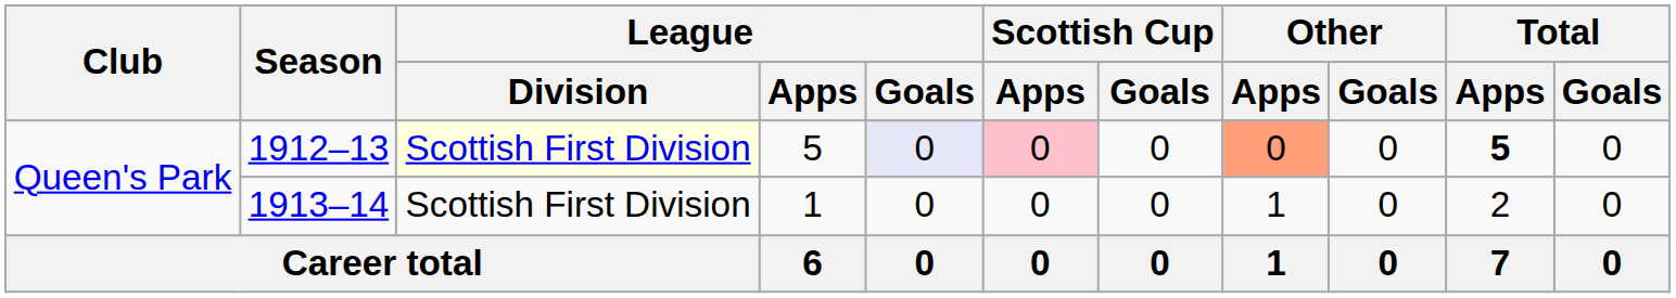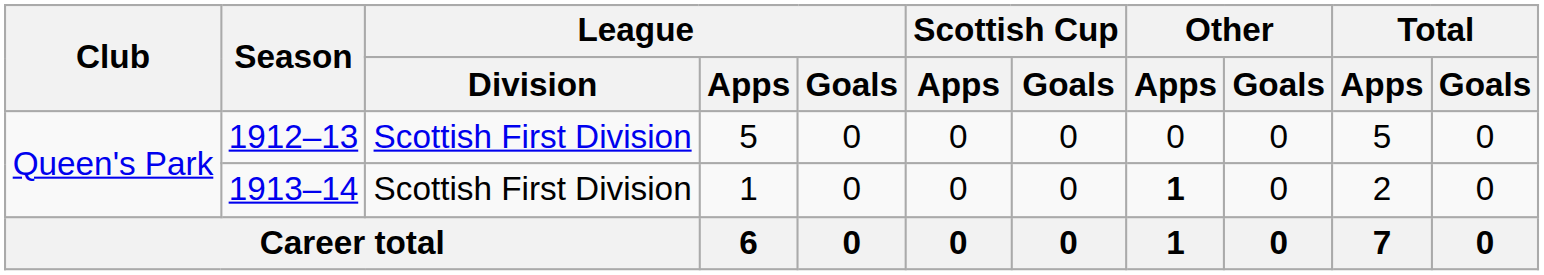 <table class="wikitable" style="text-align: center;">
 <tr>
 <th rowspan="2">Club</th>
 <th rowspan="2">Season</th>
 <th colspan="3">League</th>
 <th colspan="2">Scottish Cup</th>
 <th colspan="2">Other</th>
 <th colspan="2">Total</th>
 </tr>
 <tr>
 <th>Division</th>
 <th>Apps</th>
 <th>Goals</th>
 <th>Apps</th>
 <th>Goals</th>
 <th>Apps</th>
 <th>Goals</th>
 <th>Apps</th>
 <th>Goals</th>
 </tr>
 <tr>
 <td rowspan="2"><a href='#'>Queen's Park</a></td>
 <td><a href='#'>1912–13</a></td>
-<td style="background: lightyellow;"><a href='#'>Scottish First Division</a></td>
+<td><a href='#'>Scottish First Division</a></td>
 <td>5</td>
-<td style="background: lavender;">0</td>
-<td style="background: pink;">0</td>
 <td>0</td>
-<td style="background: lightsalmon;">0</td>
 <td>0</td>
-<td><strong>5</strong></td>
+<td>0</td>
+<td>0</td>
+<td>0</td>
+<td>5</td>
 <td>0</td>
 </tr>
 <tr>
 <td><a href='#'>1913–14</a></td>
 <td>Scottish First Division</td>
 <td>1</td>
 <td>0</td>
 <td>0</td>
 <td>0</td>
-<td>1</td>
+<td><strong>1</strong></td>
 <td>0</td>
 <td>2</td>
 <td>0</td>
 </tr>
 <tr>
 <th colspan="3">Career total</th>
 <th>6</th>
 <th>0</th>
 <th>0</th>
 <th>0</th>
 <th>1</th>
 <th>0</th>
 <th>7</th>
 <th>0</th>
 </tr>
 </table>
